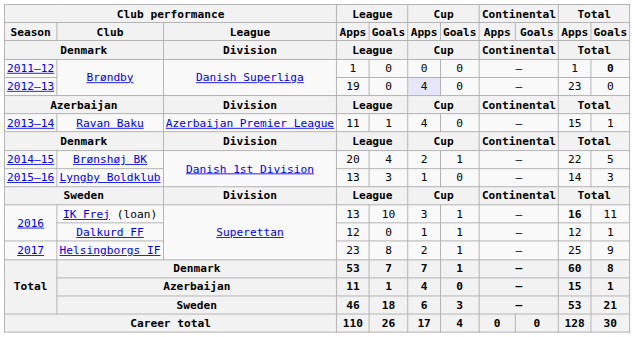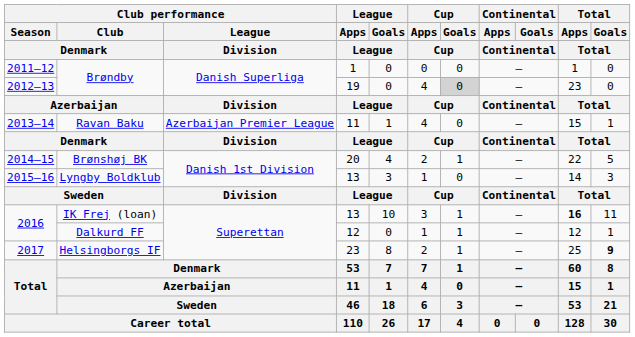 <table class="wikitable" style="text-align:center">
 <tr>
 <th colspan=3>Club performance</th>
 <th colspan=2>League</th>
 <th colspan=2>Cup</th>
 <th colspan=2>Continental</th>
 <th colspan=2>Total</th>
 </tr>
 <tr>
 <th>Season</th>
 <th>Club</th>
 <th>League</th>
 <th>Apps</th>
 <th>Goals</th>
 <th>Apps</th>
 <th>Goals</th>
 <th>Apps</th>
 <th>Goals</th>
 <th>Apps</th>
 <th>Goals</th>
 </tr>
 <tr>
 <th colspan="2">Denmark</th>
 <th>Division</th>
 <th colspan="2">League</th>
 <th colspan="2">Cup</th>
 <th colspan="2">Continental</th>
 <th colspan="2">Total</th>
 </tr>
 <tr>
 <td><a href='#'>2011–12</a></td>
 <td rowspan="2"><a href='#'>Brøndby</a></td>
 <td rowspan="2"><a href='#'>Danish Superliga</a></td>
 <td>1</td>
 <td>0</td>
 <td>0</td>
 <td>0</td>
 <td colspan="2">—</td>
 <td>1</td>
-<td><strong>0</strong></td>
+<td>0</td>
 </tr>
 <tr>
 <td><a href='#'>2012–13</a></td>
 <td>19</td>
 <td>0</td>
-<td style="background: lavender;">4</td>
-<td>0</td>
+<td>4</td>
+<td style="background: lightgrey;">0</td>
 <td colspan="2">—</td>
 <td>23</td>
 <td>0</td>
 </tr>
 <tr>
 <th colspan="2">Azerbaijan</th>
 <th>Division</th>
 <th colspan="2">League</th>
 <th colspan="2">Cup</th>
 <th colspan="2">Continental</th>
 <th colspan="2">Total</th>
 </tr>
 <tr>
 <td><a href='#'>2013–14</a></td>
 <td><a href='#'>Ravan Baku</a></td>
 <td><a href='#'>Azerbaijan Premier League</a></td>
 <td>11</td>
 <td>1</td>
 <td>4</td>
 <td>0</td>
 <td colspan="2">—</td>
 <td>15</td>
 <td>1</td>
 </tr>
 <tr>
 <th colspan="2">Denmark</th>
 <th>Division</th>
 <th colspan="2">League</th>
 <th colspan="2">Cup</th>
 <th colspan="2">Continental</th>
 <th colspan="2">Total</th>
 </tr>
 <tr>
 <td><a href='#'>2014–15</a></td>
 <td><a href='#'>Brønshøj BK</a></td>
 <td rowspan="2"><a href='#'>Danish 1st Division</a></td>
 <td>20</td>
 <td>4</td>
 <td>2</td>
 <td>1</td>
 <td colspan="2">—</td>
 <td>22</td>
 <td>5</td>
 </tr>
 <tr>
 <td><a href='#'>2015–16</a></td>
 <td><a href='#'>Lyngby Boldklub</a></td>
 <td>13</td>
 <td>3</td>
 <td>1</td>
 <td>0</td>
 <td colspan="2">—</td>
 <td>14</td>
 <td>3</td>
 </tr>
 <tr>
 <th colspan="2">Sweden</th>
 <th>Division</th>
 <th colspan="2">League</th>
 <th colspan="2">Cup</th>
 <th colspan="2">Continental</th>
 <th colspan="2">Total</th>
 </tr>
 <tr>
 <td rowspan="2"><a href='#'>2016</a></td>
 <td><a href='#'>IK Frej</a> (loan)</td>
 <td rowspan="3"><a href='#'>Superettan</a></td>
 <td>13</td>
 <td>10</td>
 <td>3</td>
 <td>1</td>
 <td colspan="2">—</td>
 <td><strong>16</strong></td>
 <td>11</td>
 </tr>
 <tr>
 <td><a href='#'>Dalkurd FF</a></td>
 <td>12</td>
 <td>0</td>
 <td>1</td>
 <td>1</td>
 <td colspan="2">—</td>
 <td>12</td>
 <td>1</td>
 </tr>
 <tr>
 <td><a href='#'>2017</a></td>
 <td><a href='#'>Helsingborgs IF</a></td>
 <td>23</td>
 <td>8</td>
 <td>2</td>
 <td>1</td>
 <td colspan="2">—</td>
 <td>25</td>
-<td>9</td>
+<td><strong>9</strong></td>
 </tr>
 <tr>
 <th rowspan="3">Total</th>
 <th colspan="2">Denmark</th>
 <th>53</th>
 <th>7</th>
 <th>7</th>
 <th>1</th>
 <th colspan="2">—</th>
 <th>60</th>
 <th>8</th>
 </tr>
 <tr>
 <th colspan="2">Azerbaijan</th>
 <th>11</th>
 <th>1</th>
 <th>4</th>
 <th>0</th>
 <th colspan="2">—</th>
 <th>15</th>
 <th>1</th>
 </tr>
 <tr>
 <th colspan="2">Sweden</th>
 <th>46</th>
 <th>18</th>
 <th>6</th>
 <th>3</th>
 <th colspan="2">—</th>
 <th>53</th>
 <th>21</th>
 </tr>
 <tr>
 <th colspan="3">Career total</th>
 <th>110</th>
 <th>26</th>
 <th>17</th>
 <th>4</th>
 <th>0</th>
 <th>0</th>
 <th>128</th>
 <th>30</th>
 </tr>
 </table>
